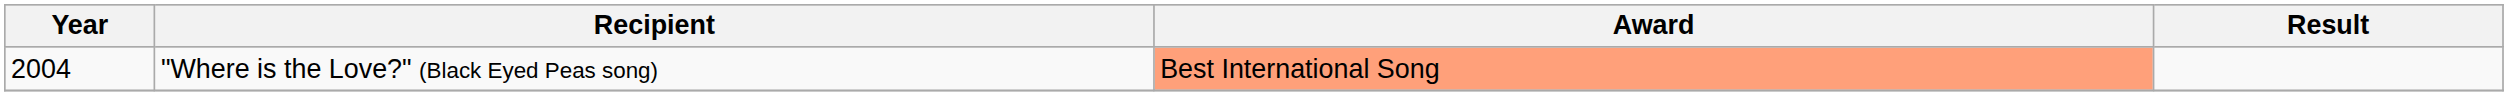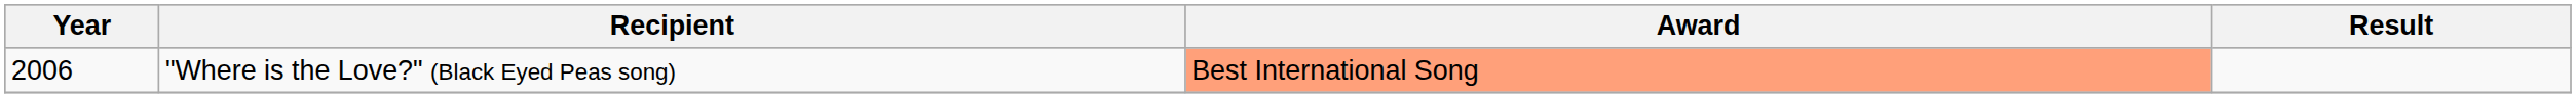 <table style="width: 75%;" class="wikitable">
 <tr>
 <th style="width:6%;">Year</th>
 <th style="width:40%;">Recipient</th>
 <th style="width:40%;">Award</th>
 <th style="width:14%;">Result</th>
 </tr>
 <tr>
-<td>2004</td>
+<td>2006</td>
 <td>"Where is the Love?" <small>(Black Eyed Peas song)</small></td>
 <td style="background: lightsalmon;">Best International Song</td>
 <td></td>
 </tr>
 <tr>
 </tr>
 </table>
